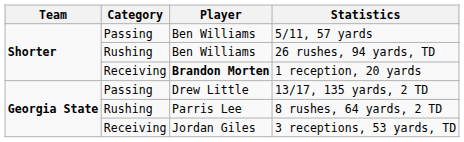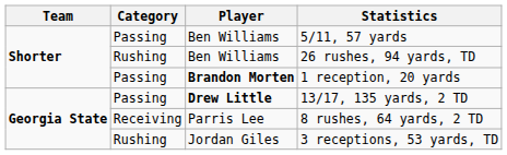 <table class="wikitable" style="float: right;">
 <tr>
 <th>Team</th>
 <th>Category</th>
 <th>Player</th>
 <th>Statistics</th>
 </tr>
 <tr>
 <td rowspan=3><strong>Shorter</strong></td>
 <td>Passing</td>
 <td>Ben Williams</td>
 <td>5/11, 57 yards</td>
 </tr>
 <tr>
 <td>Rushing</td>
 <td>Ben Williams</td>
 <td>26 rushes, 94 yards, TD</td>
 </tr>
 <tr>
-<td>Receiving</td>
+<td>Passing</td>
 <td><strong>Brandon Morten</strong></td>
 <td>1 reception, 20 yards</td>
 </tr>
 <tr>
 <td rowspan=3><strong>Georgia State</strong></td>
 <td>Passing</td>
-<td>Drew Little</td>
+<td><strong>Drew Little</strong></td>
 <td>13/17, 135 yards, 2 TD</td>
 </tr>
 <tr>
-<td>Rushing</td>
+<td>Receiving</td>
 <td>Parris Lee</td>
 <td>8 rushes, 64 yards, 2 TD</td>
 </tr>
 <tr>
-<td>Receiving</td>
+<td>Rushing</td>
 <td>Jordan Giles</td>
 <td>3 receptions, 53 yards, TD</td>
 </tr>
 </table>
